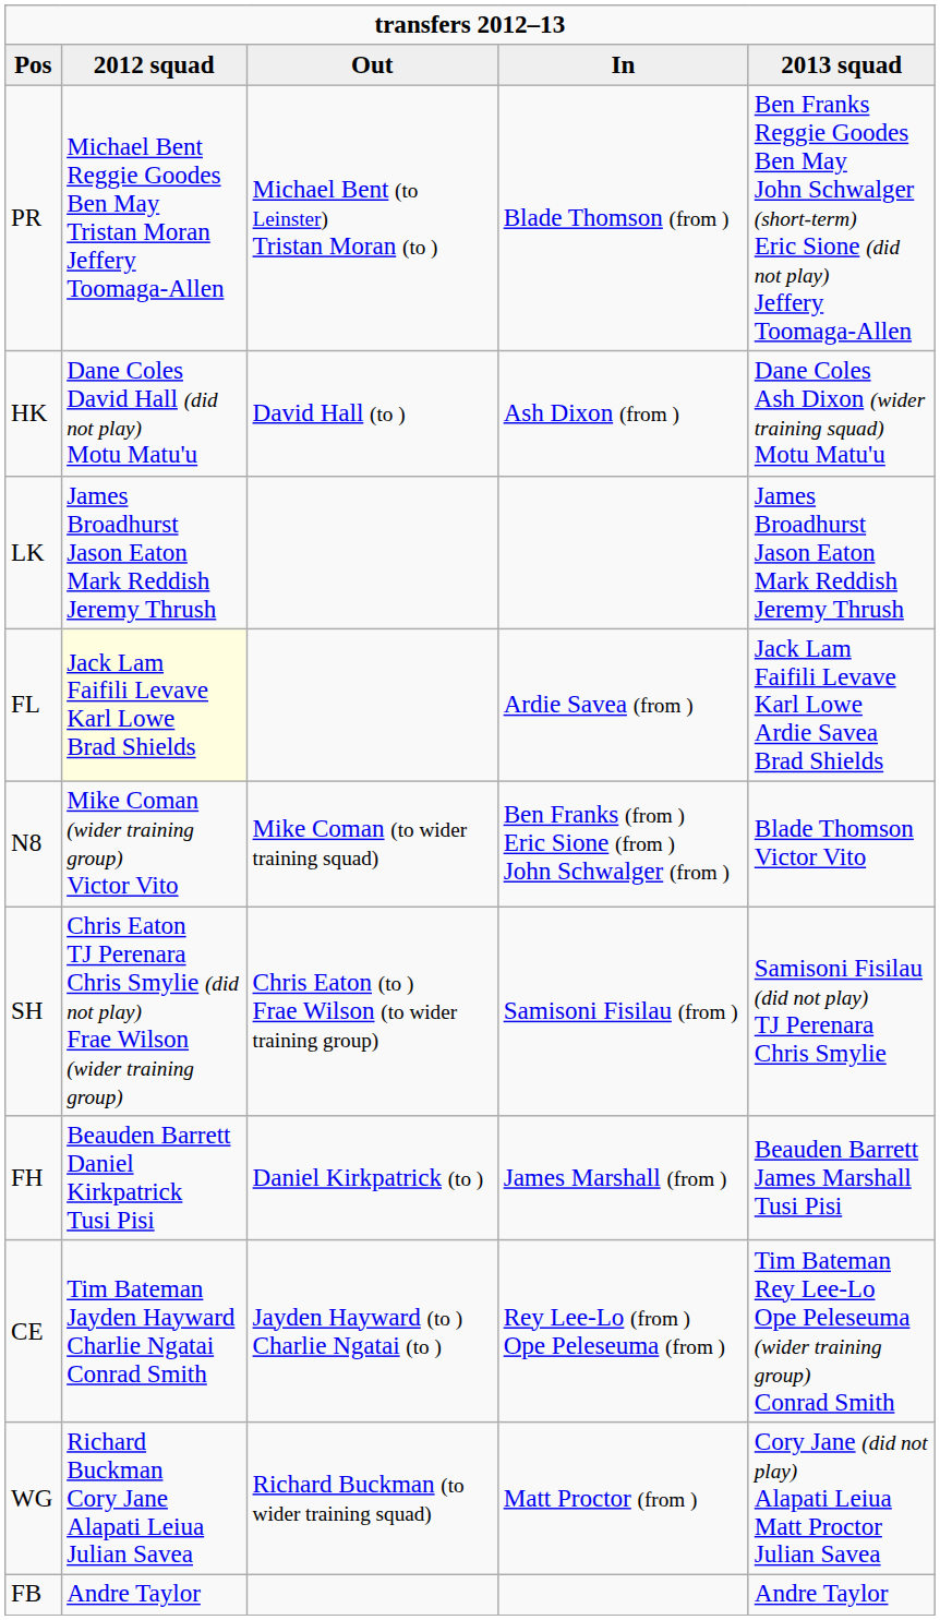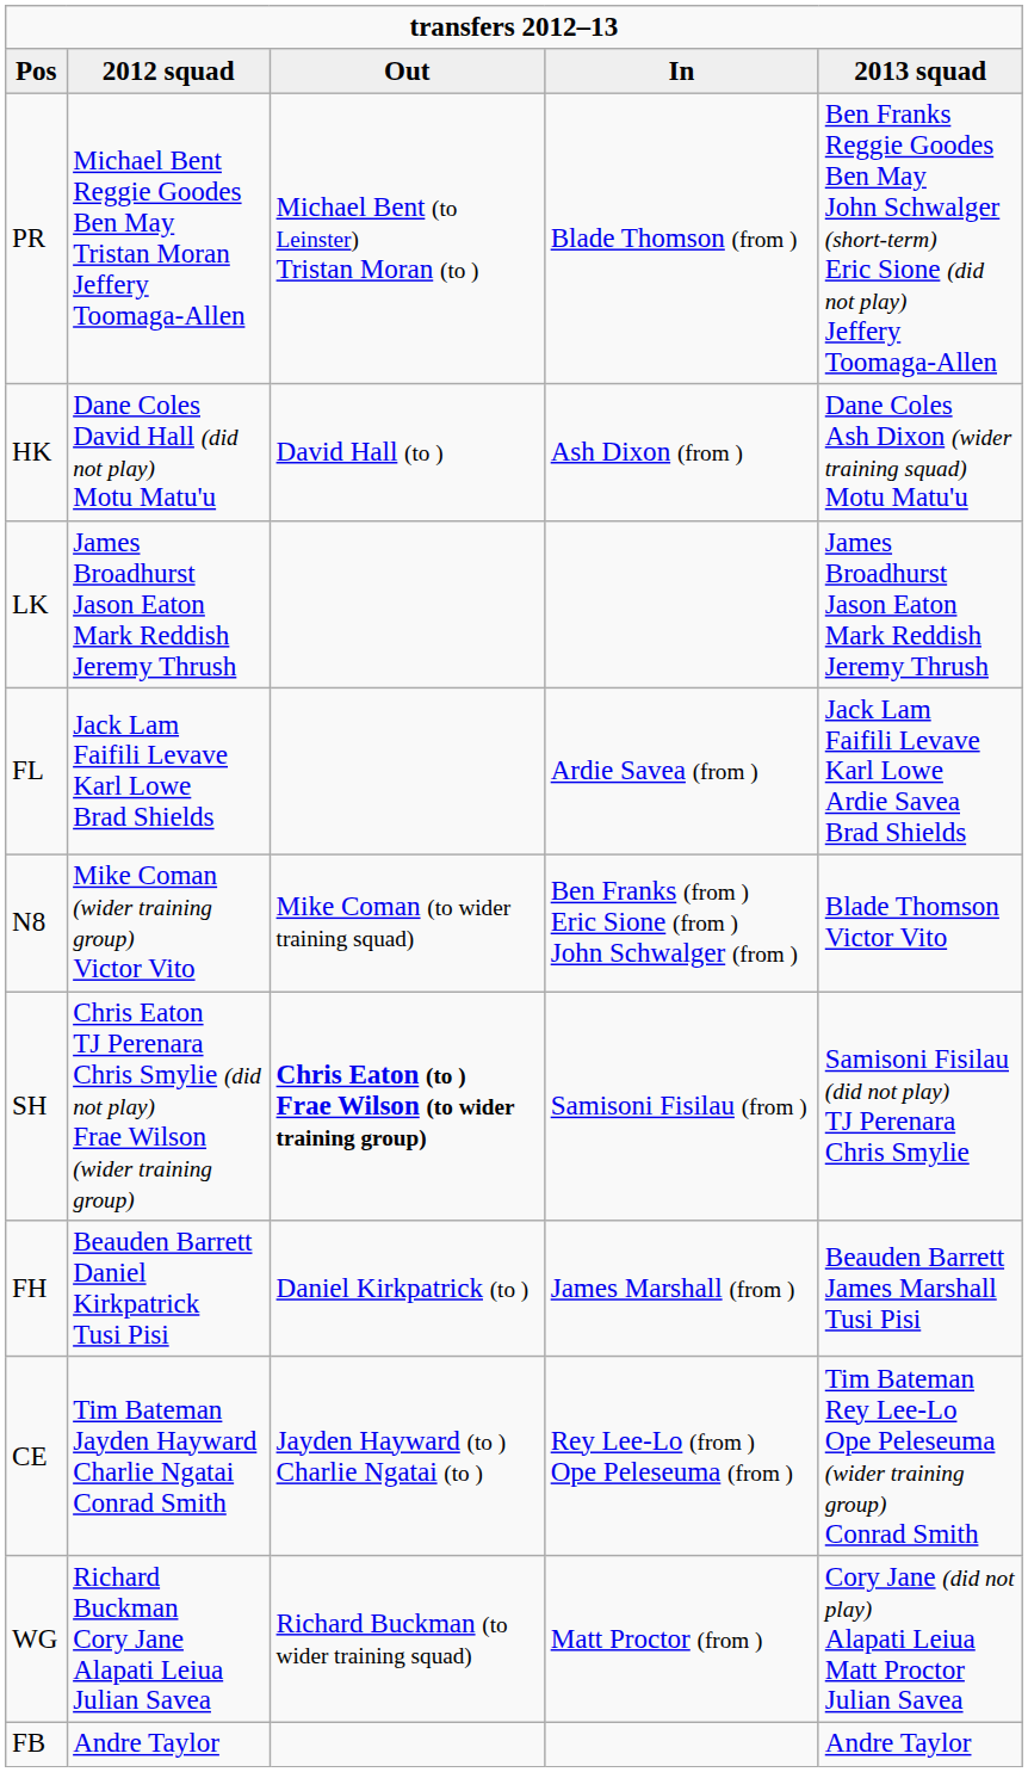 <table class="wikitable" style="text-align: left; width:95%">
 <tr>
 <td colspan="100%" style="text-align:center;"><strong> transfers 2012–13</strong></td>
 </tr>
 <tr>
 <th style="background:#efefef; width:6%;">Pos</th>
 <th style="background:#efefef; width:20%;">2012 squad</th>
 <th style="background:#efefef; width:27%;">Out</th>
 <th style="background:#efefef; width:27%;">In</th>
 <th style="background:#efefef; width:20%;">2013 squad</th>
 </tr>
 <tr>
 <td>PR</td>
 <td> <a href='#'>Michael Bent</a><br><a href='#'>Reggie Goodes</a><br><a href='#'>Ben May</a><br><a href='#'>Tristan Moran</a><br><a href='#'>Jeffery Toomaga-Allen</a></td>
 <td>  <a href='#'>Michael Bent</a> <small>(to  <a href='#'>Leinster</a>)</small><br> <a href='#'>Tristan Moran</a> <small>(to )</small></td>
 <td>  <a href='#'>Blade Thomson</a> <small>(from )</small></td>
 <td> <a href='#'>Ben Franks</a><br><a href='#'>Reggie Goodes</a><br><a href='#'>Ben May</a><br><a href='#'>John Schwalger</a> <small><em>(short-term)</em></small><br><a href='#'>Eric Sione</a> <small><em>(did not play)</em></small><br><a href='#'>Jeffery Toomaga-Allen</a></td>
 </tr>
 <tr>
 <td>HK</td>
 <td> <a href='#'>Dane Coles</a><br><a href='#'>David Hall</a> <small><em>(did not play)</em></small><br><a href='#'>Motu Matu'u</a></td>
 <td>  <a href='#'>David Hall</a> <small>(to )</small></td>
 <td>  <a href='#'>Ash Dixon</a> <small>(from )</small></td>
 <td> <a href='#'>Dane Coles</a><br><a href='#'>Ash Dixon</a> <small><em>(wider training squad)</em></small><br><a href='#'>Motu Matu'u</a></td>
 </tr>
 <tr>
 <td>LK</td>
 <td> <a href='#'>James Broadhurst</a><br><a href='#'>Jason Eaton</a><br><a href='#'>Mark Reddish</a><br><a href='#'>Jeremy Thrush</a></td>
 <td></td>
 <td></td>
 <td> <a href='#'>James Broadhurst</a><br><a href='#'>Jason Eaton</a><br><a href='#'>Mark Reddish</a><br><a href='#'>Jeremy Thrush</a></td>
 </tr>
 <tr>
 <td>FL</td>
-<td style="background: lightyellow;"> <a href='#'>Jack Lam</a><br><a href='#'>Faifili Levave</a><br><a href='#'>Karl Lowe</a><br><a href='#'>Brad Shields</a></td>
+<td> <a href='#'>Jack Lam</a><br><a href='#'>Faifili Levave</a><br><a href='#'>Karl Lowe</a><br><a href='#'>Brad Shields</a></td>
 <td></td>
 <td>  <a href='#'>Ardie Savea</a> <small>(from )</small></td>
 <td> <a href='#'>Jack Lam</a><br><a href='#'>Faifili Levave</a><br><a href='#'>Karl Lowe</a><br><a href='#'>Ardie Savea</a><br><a href='#'>Brad Shields</a></td>
 </tr>
 <tr>
 <td>N8</td>
 <td> <a href='#'>Mike Coman</a> <small><em>(wider training group)</em></small><br><a href='#'>Victor Vito</a></td>
 <td>  <a href='#'>Mike Coman</a> <small>(to wider training squad)</small></td>
 <td>  <a href='#'>Ben Franks</a> <small>(from )</small><br> <a href='#'>Eric Sione</a> <small>(from )</small><br> <a href='#'>John Schwalger</a> <small>(from )</small></td>
 <td> <a href='#'>Blade Thomson</a><br><a href='#'>Victor Vito</a></td>
 </tr>
 <tr>
 <td>SH</td>
 <td> <a href='#'>Chris Eaton</a><br><a href='#'>TJ Perenara</a><br><a href='#'>Chris Smylie</a> <small><em>(did not play)</em></small><br><a href='#'>Frae Wilson</a> <small><em>(wider training group)</em></small></td>
-<td>  <a href='#'>Chris Eaton</a> <small>(to )</small><br> <a href='#'>Frae Wilson</a> <small>(to  wider training group)</small></td>
+<td><strong>  <a href='#'>Chris Eaton</a> <small>(to )</small><br> <a href='#'>Frae Wilson</a> <small>(to  wider training group)</small></strong></td>
 <td>  <a href='#'>Samisoni Fisilau</a> <small>(from )</small></td>
 <td> <a href='#'>Samisoni Fisilau</a> <small><em>(did not play)</em></small><br><a href='#'>TJ Perenara</a><br><a href='#'>Chris Smylie</a></td>
 </tr>
 <tr>
 <td>FH</td>
 <td> <a href='#'>Beauden Barrett</a><br><a href='#'>Daniel Kirkpatrick</a><br><a href='#'>Tusi Pisi</a></td>
 <td>  <a href='#'>Daniel Kirkpatrick</a> <small>(to )</small></td>
 <td>  <a href='#'>James Marshall</a> <small>(from )</small></td>
 <td> <a href='#'>Beauden Barrett</a><br><a href='#'>James Marshall</a><br><a href='#'>Tusi Pisi</a></td>
 </tr>
 <tr>
 <td>CE</td>
 <td> <a href='#'>Tim Bateman</a><br><a href='#'>Jayden Hayward</a><br><a href='#'>Charlie Ngatai</a><br><a href='#'>Conrad Smith</a></td>
 <td>  <a href='#'>Jayden Hayward</a> <small>(to )</small><br> <a href='#'>Charlie Ngatai</a> <small>(to )</small></td>
 <td>  <a href='#'>Rey Lee-Lo</a> <small>(from )</small><br> <a href='#'>Ope Peleseuma</a> <small>(from )</small></td>
 <td> <a href='#'>Tim Bateman</a><br><a href='#'>Rey Lee-Lo</a><br><a href='#'>Ope Peleseuma</a> <small><em>(wider training group)</em></small><br><a href='#'>Conrad Smith</a></td>
 </tr>
 <tr>
 <td>WG</td>
 <td> <a href='#'>Richard Buckman</a><br><a href='#'>Cory Jane</a><br><a href='#'>Alapati Leiua</a><br><a href='#'>Julian Savea</a></td>
 <td>  <a href='#'>Richard Buckman</a> <small>(to wider training squad)</small></td>
 <td>  <a href='#'>Matt Proctor</a> <small>(from )</small></td>
 <td> <a href='#'>Cory Jane</a> <small><em>(did not play)</em></small><br><a href='#'>Alapati Leiua</a><br><a href='#'>Matt Proctor</a><br><a href='#'>Julian Savea</a></td>
 </tr>
 <tr>
 <td>FB</td>
 <td> <a href='#'>Andre Taylor</a></td>
 <td></td>
 <td></td>
 <td> <a href='#'>Andre Taylor</a></td>
 </tr>
 </table>
